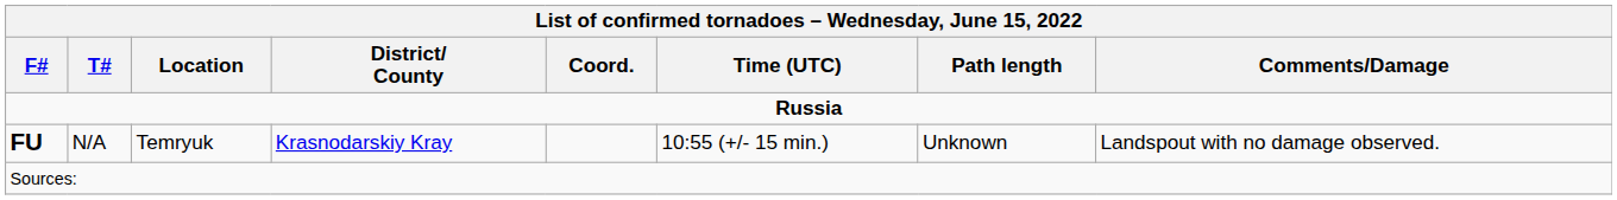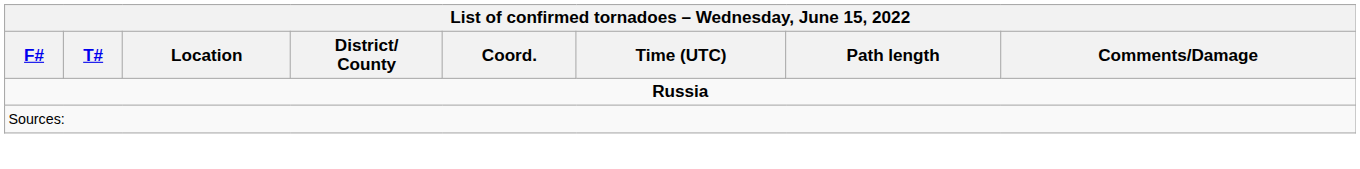 <table class="wikitable collapsible" width="100%">
 <tr>
 <th colspan="8">List of confirmed tornadoes – Wednesday, June 15, 2022</th>
 </tr>
 <tr>
 <th><a href='#'>F#</a></th>
 <th><a href='#'>T#</a></th>
 <th>Location</th>
 <th>District/<br>County</th>
 <th>Coord.</th>
 <th>Time (UTC)</th>
 <th>Path length</th>
 <th>Comments/Damage</th>
 </tr>
 <tr>
 <td colspan="8" align=center><strong>Russia</strong></td>
 </tr>
 <tr>
-<td><big><strong>FU</strong></big></td>
-<td>N/A</td>
-<td>Temryuk</td>
-<td><a href='#'>Krasnodarskiy Kray</a></td>
-<td></td>
-<td>10:55 (+/- 15 min.)</td>
-<td>Unknown</td>
-<td>Landspout with no damage observed.</td>
-</tr>
-<tr>
 <td colspan="8"><small>Sources:  </small></td>
 </tr>
 </table>
